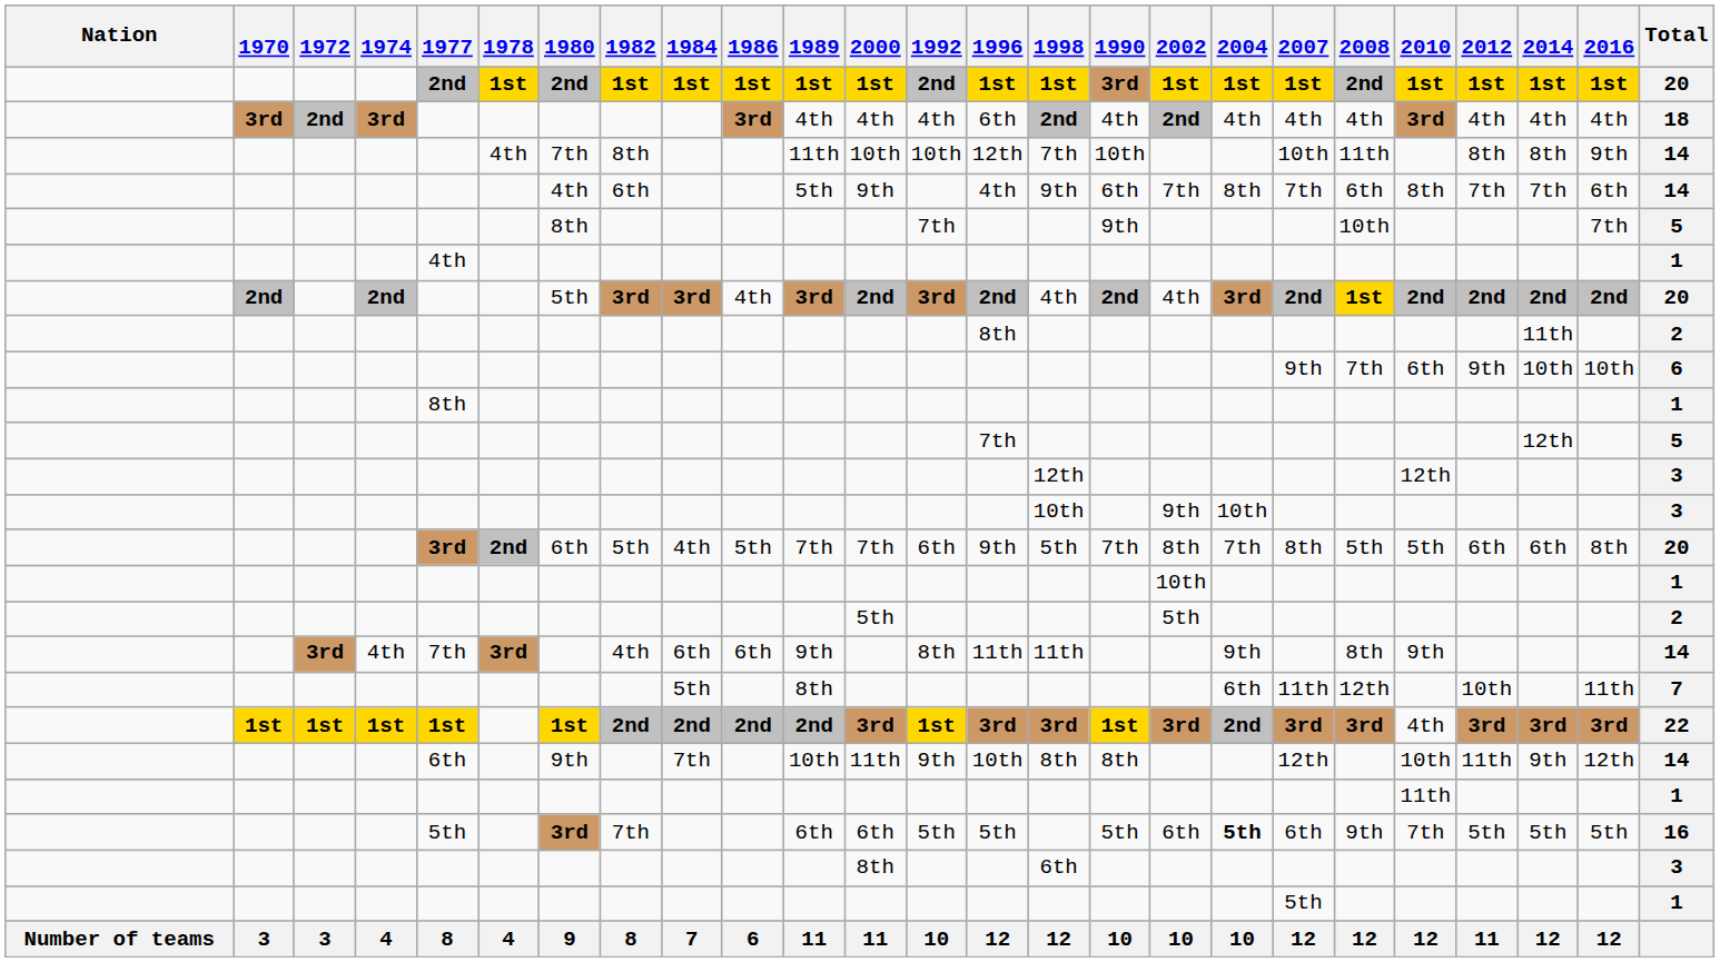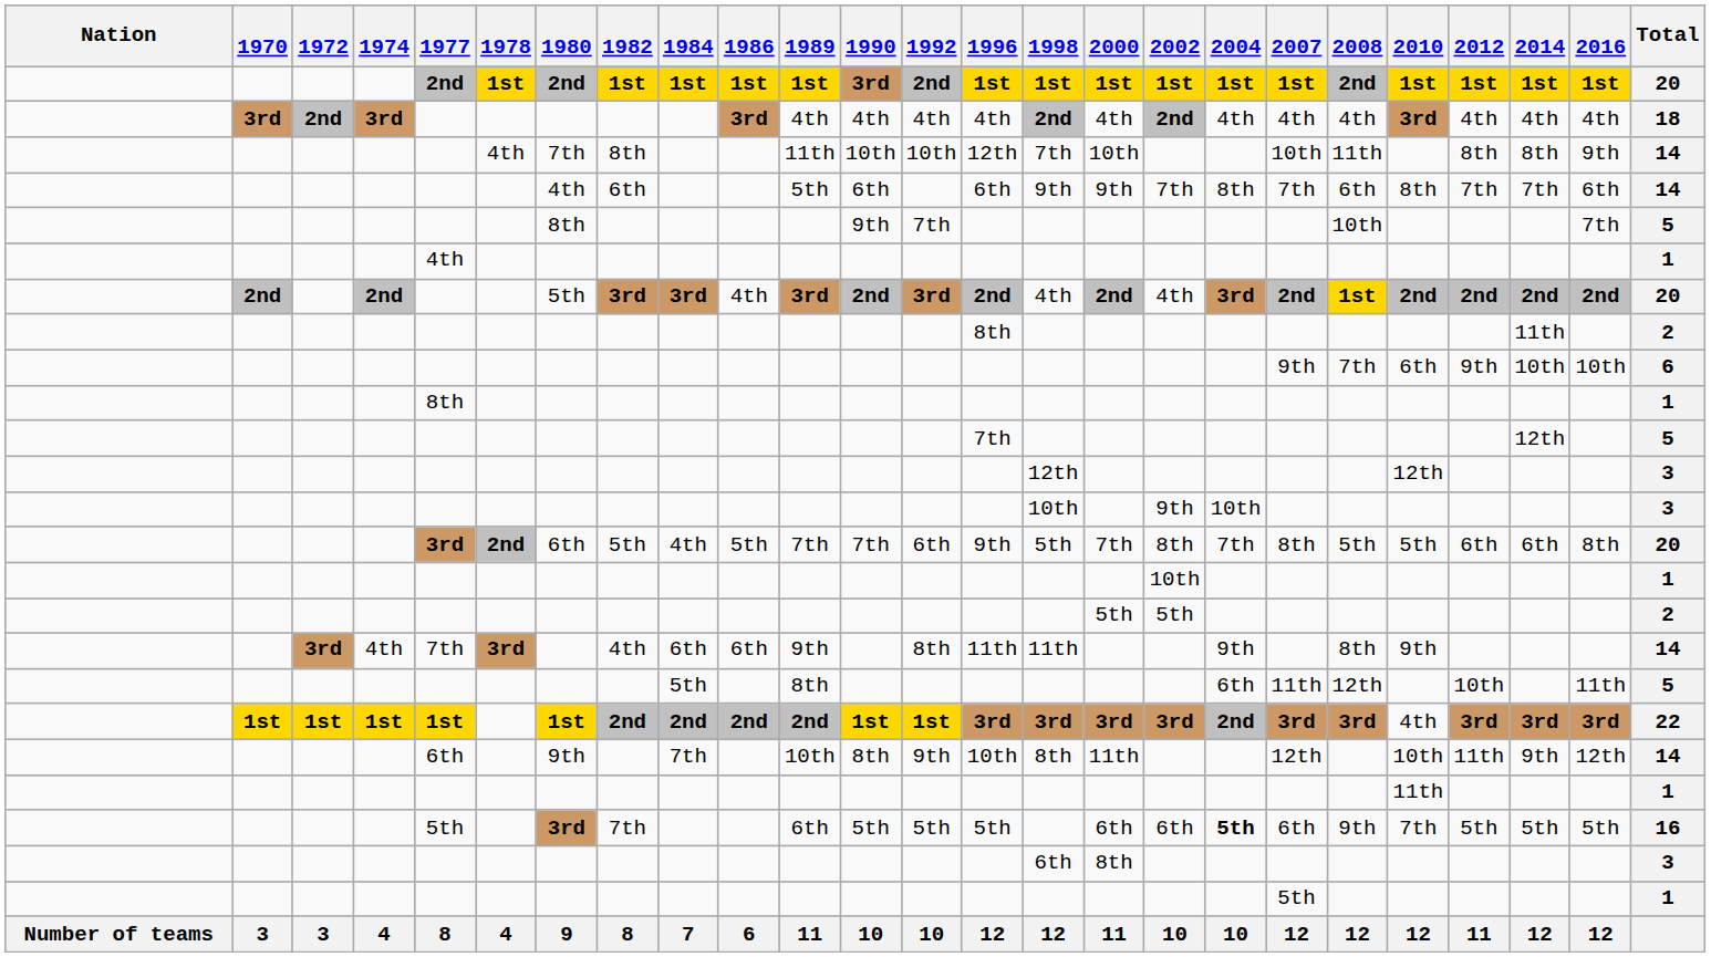 <table class="wikitable" style="text-align:center; font-size:90%">
 <tr>
 <th width=120px>Nation</th>
 <th><br><a href='#'>1970</a></th>
 <th><br><a href='#'>1972</a></th>
 <th><br><a href='#'>1974</a></th>
 <th><br><a href='#'>1977</a></th>
 <th><br><a href='#'>1978</a></th>
 <th><br><a href='#'>1980</a></th>
 <th><br><a href='#'>1982</a></th>
 <th><br><a href='#'>1984</a></th>
 <th><br><a href='#'>1986</a></th>
 <th><br><a href='#'>1989</a></th>
-<th><br><a href='#'>2000</a></th>
+<th><br><a href='#'>1990</a></th>
 <th><br><a href='#'>1992</a></th>
 <th><br><a href='#'>1996</a></th>
 <th><br><a href='#'>1998</a></th>
-<th><br><a href='#'>1990</a></th>
+<th><br><a href='#'>2000</a></th>
 <th><br><a href='#'>2002</a></th>
 <th><br><a href='#'>2004</a></th>
 <th><br><a href='#'>2007</a></th>
 <th><br><a href='#'>2008</a></th>
 <th><br><a href='#'>2010</a></th>
 <th><br><a href='#'>2012</a></th>
 <th><br><a href='#'>2014</a></th>
 <th><br><a href='#'>2016</a></th>
 <th>Total</th>
 </tr>
 <tr>
 <td align=left></td>
 <td></td>
 <td></td>
 <td></td>
 <td bgcolor=silver><strong>2nd</strong></td>
 <td bgcolor=gold><strong>1st</strong></td>
 <td bgcolor=silver><strong>2nd</strong></td>
 <td bgcolor=gold><strong>1st</strong></td>
 <td bgcolor=gold><strong>1st</strong></td>
 <td bgcolor=gold><strong>1st</strong></td>
 <td bgcolor=gold><strong>1st</strong></td>
-<td bgcolor=gold><strong>1st</strong></td>
+<td bgcolor=#cc9966><strong>3rd</strong></td>
 <td bgcolor=silver><strong>2nd</strong></td>
 <td bgcolor=gold><strong>1st</strong></td>
 <td bgcolor=gold><strong>1st</strong></td>
-<td bgcolor=#cc9966><strong>3rd</strong></td>
+<td bgcolor=gold><strong>1st</strong></td>
 <td bgcolor=gold><strong>1st</strong></td>
 <td bgcolor=gold><strong>1st</strong></td>
 <td bgcolor=gold><strong>1st</strong></td>
 <td bgcolor=silver><strong>2nd</strong></td>
 <td bgcolor=gold><strong>1st</strong></td>
 <td bgcolor=gold><strong>1st</strong></td>
 <td bgcolor=gold><strong>1st</strong></td>
 <td bgcolor=gold><strong>1st</strong></td>
 <th>20</th>
 </tr>
 <tr>
 <td align=left></td>
 <td bgcolor=#cc9966><strong>3rd</strong></td>
 <td bgcolor=silver><strong>2nd</strong></td>
 <td bgcolor=#cc9966><strong>3rd</strong></td>
 <td></td>
 <td></td>
 <td></td>
 <td></td>
 <td></td>
 <td bgcolor=#cc9966><strong>3rd</strong></td>
 <td>4th</td>
 <td>4th</td>
 <td>4th</td>
-<td>6th</td>
+<td>4th</td>
 <td bgcolor=silver><strong>2nd</strong></td>
 <td>4th</td>
 <td bgcolor=silver><strong>2nd</strong></td>
 <td>4th</td>
 <td>4th</td>
 <td>4th</td>
 <td bgcolor=#cc9966><strong>3rd</strong></td>
 <td>4th</td>
 <td>4th</td>
 <td>4th</td>
 <th>18</th>
 </tr>
 <tr>
 <td align=left></td>
 <td></td>
 <td></td>
 <td></td>
 <td></td>
 <td>4th</td>
 <td>7th</td>
 <td>8th</td>
 <td></td>
 <td></td>
 <td>11th</td>
 <td>10th</td>
 <td>10th</td>
 <td>12th</td>
 <td>7th</td>
 <td>10th</td>
 <td></td>
 <td></td>
 <td>10th</td>
 <td>11th</td>
 <td></td>
 <td>8th</td>
 <td>8th</td>
 <td>9th</td>
 <th>14</th>
 </tr>
 <tr>
 <td align=left></td>
 <td></td>
 <td></td>
 <td></td>
 <td></td>
 <td></td>
 <td>4th</td>
 <td>6th</td>
 <td></td>
 <td></td>
 <td>5th</td>
+<td>6th</td>
+<td></td>
+<td>6th</td>
 <td>9th</td>
-<td></td>
-<td>4th</td>
 <td>9th</td>
-<td>6th</td>
 <td>7th</td>
 <td>8th</td>
 <td>7th</td>
 <td>6th</td>
 <td>8th</td>
 <td>7th</td>
 <td>7th</td>
 <td>6th</td>
 <th>14</th>
 </tr>
 <tr>
 <td align=left></td>
 <td></td>
 <td></td>
 <td></td>
 <td></td>
 <td></td>
 <td>8th</td>
 <td></td>
 <td></td>
 <td></td>
 <td></td>
-<td></td>
+<td>9th</td>
 <td>7th</td>
 <td></td>
 <td></td>
-<td>9th</td>
+<td></td>
 <td></td>
 <td></td>
 <td></td>
 <td>10th</td>
 <td></td>
 <td></td>
 <td></td>
 <td>7th</td>
 <th>5</th>
 </tr>
 <tr>
 <td align=left></td>
 <td></td>
 <td></td>
 <td></td>
 <td>4th</td>
 <td></td>
 <td></td>
 <td></td>
 <td></td>
 <td></td>
 <td></td>
 <td></td>
 <td></td>
 <td></td>
 <td></td>
 <td></td>
 <td></td>
 <td></td>
 <td></td>
 <td></td>
 <td></td>
 <td></td>
 <td></td>
 <td></td>
 <th>1</th>
 </tr>
 <tr>
 <td align=left></td>
 <td bgcolor=silver><strong>2nd</strong></td>
 <td></td>
 <td bgcolor=silver><strong>2nd</strong></td>
 <td></td>
 <td></td>
 <td>5th</td>
 <td bgcolor=#cc9966><strong>3rd</strong></td>
 <td bgcolor=#cc9966><strong>3rd</strong></td>
 <td>4th</td>
 <td bgcolor=#cc9966><strong>3rd</strong></td>
 <td bgcolor=silver><strong>2nd</strong></td>
 <td bgcolor=#cc9966><strong>3rd</strong></td>
 <td bgcolor=silver><strong>2nd</strong></td>
 <td>4th</td>
 <td bgcolor=silver><strong>2nd</strong></td>
 <td>4th</td>
 <td bgcolor=#cc9966><strong>3rd</strong></td>
 <td bgcolor=silver><strong>2nd</strong></td>
 <td bgcolor=gold><strong>1st</strong></td>
 <td bgcolor=silver><strong>2nd</strong></td>
 <td bgcolor=silver><strong>2nd</strong></td>
 <td bgcolor=silver><strong>2nd</strong></td>
 <td bgcolor=silver><strong>2nd</strong></td>
 <th>20</th>
 </tr>
 <tr>
 <td align=left></td>
 <td></td>
 <td></td>
 <td></td>
 <td></td>
 <td></td>
 <td></td>
 <td></td>
 <td></td>
 <td></td>
 <td></td>
 <td></td>
 <td></td>
 <td>8th</td>
 <td></td>
 <td></td>
 <td></td>
 <td></td>
 <td></td>
 <td></td>
 <td></td>
 <td></td>
 <td>11th</td>
 <td></td>
 <th>2</th>
 </tr>
 <tr>
 <td align=left></td>
 <td></td>
 <td></td>
 <td></td>
 <td></td>
 <td></td>
 <td></td>
 <td></td>
 <td></td>
 <td></td>
 <td></td>
 <td></td>
 <td></td>
 <td></td>
 <td></td>
 <td></td>
 <td></td>
 <td></td>
 <td>9th</td>
 <td>7th</td>
 <td>6th</td>
 <td>9th</td>
 <td>10th</td>
 <td>10th</td>
 <th>6</th>
 </tr>
 <tr>
 <td align=left></td>
 <td></td>
 <td></td>
 <td></td>
 <td>8th</td>
 <td></td>
 <td></td>
 <td></td>
 <td></td>
 <td></td>
 <td></td>
 <td></td>
 <td></td>
 <td></td>
 <td></td>
 <td></td>
 <td></td>
 <td></td>
 <td></td>
 <td></td>
 <td></td>
 <td></td>
 <td></td>
 <td></td>
 <th>1</th>
 </tr>
 <tr>
 <td align=left></td>
 <td></td>
 <td></td>
 <td></td>
 <td></td>
 <td></td>
 <td></td>
 <td></td>
 <td></td>
 <td></td>
 <td></td>
 <td></td>
 <td></td>
 <td>7th</td>
 <td></td>
 <td></td>
 <td></td>
 <td></td>
 <td></td>
 <td></td>
 <td></td>
 <td></td>
 <td>12th</td>
 <td></td>
 <th>5</th>
 </tr>
 <tr>
 <td align=left></td>
 <td></td>
 <td></td>
 <td></td>
 <td></td>
 <td></td>
 <td></td>
 <td></td>
 <td></td>
 <td></td>
 <td></td>
 <td></td>
 <td></td>
 <td></td>
 <td>12th</td>
 <td></td>
 <td></td>
 <td></td>
 <td></td>
 <td></td>
 <td>12th</td>
 <td></td>
 <td></td>
 <td></td>
 <th>3</th>
 </tr>
 <tr>
 <td align=left></td>
 <td></td>
 <td></td>
 <td></td>
 <td></td>
 <td></td>
 <td></td>
 <td></td>
 <td></td>
 <td></td>
 <td></td>
 <td></td>
 <td></td>
 <td></td>
 <td>10th</td>
 <td></td>
 <td>9th</td>
 <td>10th</td>
 <td></td>
 <td></td>
 <td></td>
 <td></td>
 <td></td>
 <td></td>
 <th>3</th>
 </tr>
 <tr>
 <td align=left></td>
 <td></td>
 <td></td>
 <td></td>
 <td bgcolor=#cc9966><strong>3rd</strong></td>
 <td bgcolor=silver><strong>2nd</strong></td>
 <td>6th</td>
 <td>5th</td>
 <td>4th</td>
 <td>5th</td>
 <td>7th</td>
 <td>7th</td>
 <td>6th</td>
 <td>9th</td>
 <td>5th</td>
 <td>7th</td>
 <td>8th</td>
 <td>7th</td>
 <td>8th</td>
 <td>5th</td>
 <td>5th</td>
 <td>6th</td>
 <td>6th</td>
 <td>8th</td>
 <th>20</th>
 </tr>
 <tr>
 <td align=left></td>
 <td></td>
 <td></td>
 <td></td>
 <td></td>
 <td></td>
 <td></td>
 <td></td>
 <td></td>
 <td></td>
 <td></td>
 <td></td>
 <td></td>
 <td></td>
 <td></td>
 <td></td>
 <td>10th</td>
 <td></td>
 <td></td>
 <td></td>
 <td></td>
 <td></td>
 <td></td>
 <td></td>
 <th>1</th>
 </tr>
 <tr>
 <td align=left></td>
 <td></td>
 <td></td>
 <td></td>
 <td></td>
 <td></td>
 <td></td>
 <td></td>
 <td></td>
 <td></td>
 <td></td>
-<td>5th</td>
 <td></td>
 <td></td>
 <td></td>
 <td></td>
+<td>5th</td>
 <td>5th</td>
 <td></td>
 <td></td>
 <td></td>
 <td></td>
 <td></td>
 <td></td>
 <td></td>
 <th>2</th>
 </tr>
 <tr>
 <td align=left></td>
 <td></td>
 <td bgcolor=#cc9966><strong>3rd</strong></td>
 <td>4th</td>
 <td>7th</td>
 <td bgcolor=#cc9966><strong>3rd</strong></td>
 <td></td>
 <td>4th</td>
 <td>6th</td>
 <td>6th</td>
 <td>9th</td>
 <td></td>
 <td>8th</td>
 <td>11th</td>
 <td>11th</td>
 <td></td>
 <td></td>
 <td>9th</td>
 <td></td>
 <td>8th</td>
 <td>9th</td>
 <td></td>
 <td></td>
 <td></td>
 <th>14</th>
 </tr>
 <tr>
 <td align=left></td>
 <td></td>
 <td></td>
 <td></td>
 <td></td>
 <td></td>
 <td></td>
 <td></td>
 <td>5th</td>
 <td></td>
 <td>8th</td>
 <td></td>
 <td></td>
 <td></td>
 <td></td>
 <td></td>
 <td></td>
 <td>6th</td>
 <td>11th</td>
 <td>12th</td>
 <td></td>
 <td>10th</td>
 <td></td>
 <td>11th</td>
-<th>7</th>
+<th>5</th>
 </tr>
 <tr>
 <td align=left></td>
 <td bgcolor=gold><strong>1st</strong></td>
 <td bgcolor=gold><strong>1st</strong></td>
 <td bgcolor=gold><strong>1st</strong></td>
 <td bgcolor=gold><strong>1st</strong></td>
 <td></td>
 <td bgcolor=gold><strong>1st</strong></td>
 <td bgcolor=silver><strong>2nd</strong></td>
 <td bgcolor=silver><strong>2nd</strong></td>
 <td bgcolor=silver><strong>2nd</strong></td>
 <td bgcolor=silver><strong>2nd</strong></td>
-<td bgcolor=#cc9966><strong>3rd</strong></td>
+<td bgcolor=gold><strong>1st</strong></td>
 <td bgcolor=gold><strong>1st</strong></td>
 <td bgcolor=#cc9966><strong>3rd</strong></td>
 <td bgcolor=#cc9966><strong>3rd</strong></td>
-<td bgcolor=gold><strong>1st</strong></td>
+<td bgcolor=#cc9966><strong>3rd</strong></td>
 <td bgcolor=#cc9966><strong>3rd</strong></td>
 <td bgcolor=silver><strong>2nd</strong></td>
 <td bgcolor=#cc9966><strong>3rd</strong></td>
 <td bgcolor=#cc9966><strong>3rd</strong></td>
 <td>4th</td>
 <td bgcolor=#cc9966><strong>3rd</strong></td>
 <td bgcolor=#cc9966><strong>3rd</strong></td>
 <td bgcolor=#cc9966><strong>3rd</strong></td>
 <th>22</th>
 </tr>
 <tr>
 <td align=left></td>
 <td></td>
 <td></td>
 <td></td>
 <td>6th</td>
 <td></td>
 <td>9th</td>
 <td></td>
 <td>7th</td>
 <td></td>
 <td>10th</td>
-<td>11th</td>
+<td>8th</td>
 <td>9th</td>
 <td>10th</td>
 <td>8th</td>
-<td>8th</td>
+<td>11th</td>
 <td></td>
 <td></td>
 <td>12th</td>
 <td></td>
 <td>10th</td>
 <td>11th</td>
 <td>9th</td>
 <td>12th</td>
 <th>14</th>
 </tr>
 <tr>
 <td align=left></td>
 <td></td>
 <td></td>
 <td></td>
 <td></td>
 <td></td>
 <td></td>
 <td></td>
 <td></td>
 <td></td>
 <td></td>
 <td></td>
 <td></td>
 <td></td>
 <td></td>
 <td></td>
 <td></td>
 <td></td>
 <td></td>
 <td></td>
 <td>11th</td>
 <td></td>
 <td></td>
 <td></td>
 <th>1</th>
 </tr>
 <tr>
 <td align=left></td>
 <td></td>
 <td></td>
 <td></td>
 <td>5th</td>
 <td></td>
 <td bgcolor=#cc9966><strong>3rd</strong></td>
 <td>7th</td>
 <td></td>
 <td></td>
 <td>6th</td>
-<td>6th</td>
+<td>5th</td>
 <td>5th</td>
 <td>5th</td>
 <td></td>
-<td>5th</td>
+<td>6th</td>
 <td>6th</td>
 <td><strong>5th</strong></td>
 <td>6th</td>
 <td>9th</td>
 <td>7th</td>
 <td>5th</td>
 <td>5th</td>
 <td>5th</td>
 <th>16</th>
 </tr>
 <tr>
 <td align=left></td>
 <td></td>
 <td></td>
 <td></td>
 <td></td>
 <td></td>
 <td></td>
 <td></td>
 <td></td>
 <td></td>
 <td></td>
-<td>8th</td>
+<td></td>
 <td></td>
 <td></td>
 <td>6th</td>
-<td></td>
+<td>8th</td>
 <td></td>
 <td></td>
 <td></td>
 <td></td>
 <td></td>
 <td></td>
 <td></td>
 <td></td>
 <th>3</th>
 </tr>
 <tr>
 <td align=left></td>
 <td></td>
 <td></td>
 <td></td>
 <td></td>
 <td></td>
 <td></td>
 <td></td>
 <td></td>
 <td></td>
 <td></td>
 <td></td>
 <td></td>
 <td></td>
 <td></td>
 <td></td>
 <td></td>
 <td></td>
 <td>5th</td>
 <td></td>
 <td></td>
 <td></td>
 <td></td>
 <td></td>
 <th>1</th>
 </tr>
 <tr>
 <th>Number of teams</th>
 <th>3</th>
 <th>3</th>
 <th>4</th>
 <th>8</th>
 <th>4</th>
 <th>9</th>
 <th>8</th>
 <th>7</th>
 <th>6</th>
 <th>11</th>
-<th>11</th>
+<th>10</th>
 <th>10</th>
 <th>12</th>
 <th>12</th>
-<th>10</th>
+<th>11</th>
 <th>10</th>
 <th>10</th>
 <th>12</th>
 <th>12</th>
 <th>12</th>
 <th>11</th>
 <th>12</th>
 <th>12</th>
 <th></th>
 </tr>
 </table>
